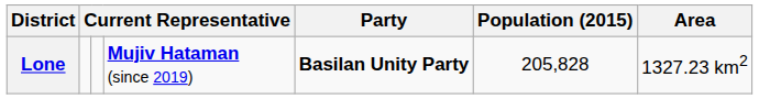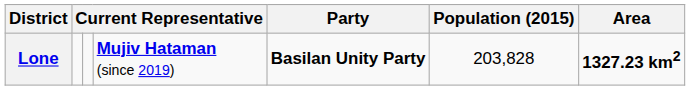 <table class="wikitable sortable" style="margin: 1em auto; font-size:100%; line-height:20px; text-align:center">
 <tr>
 <th>District</th>
 <th colspan="3">Current Representative</th>
 <th>Party</th>
 <th>Population (2015)</th>
 <th>Area</th>
 </tr>
 <tr>
 <th><a href='#'>Lone</a></th>
 <td style="background:"></td>
 <td></td>
 <td style="text-align:left;"><strong><a href='#'>Mujiv Hataman</a></strong><br><small>(since <a href='#'>2019</a>)</small></td>
 <td><strong>Basilan Unity Party</strong></td>
-<td>205,828</td>
-<td>1327.23 km<sup>2</sup></td>
+<td>203,828</td>
+<td><strong>1327.23 km<sup>2</sup></strong></td>
 </tr>
 </table>
